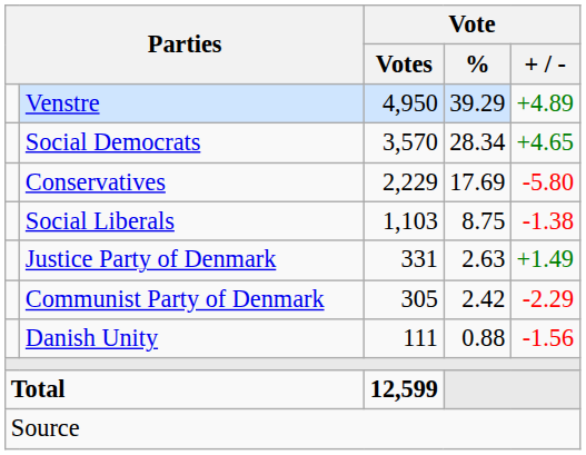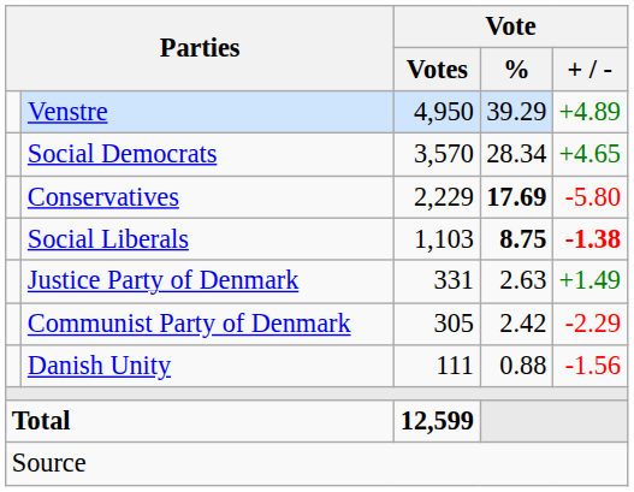 <table class="wikitable" style="text-align:right;">
 <tr>
 <th style="text-align:centre;" rowspan="2" colspan="2" width="225">Parties</th>
 <th colspan="3">Vote</th>
 </tr>
 <tr>
 <th width="15">Votes</th>
 <th width="15">%</th>
 <th width="15">+ / -</th>
 </tr>
 <tr>
 <td width="2" style="color:inherit;background:"></td>
 <td bgcolor=#cfe5fe  align="left"><a href='#'>Venstre</a></td>
 <td bgcolor=#cfe5fe>4,950</td>
 <td bgcolor=#cfe5fe>39.29</td>
 <td style=color:green;>+4.89</td>
 </tr>
 <tr>
 <td width="2" style="color:inherit;background:"></td>
 <td align="left"><a href='#'>Social Democrats</a></td>
 <td>3,570</td>
 <td>28.34</td>
 <td style=color:green;>+4.65</td>
 </tr>
 <tr>
 <td width="2" style="color:inherit;background:"></td>
 <td align="left"><a href='#'>Conservatives</a></td>
 <td>2,229</td>
-<td>17.69</td>
+<td><strong>17.69</strong></td>
 <td style=color:red;>-5.80</td>
 </tr>
 <tr>
 <td width="2" style="color:inherit;background:"></td>
 <td align="left"><a href='#'>Social Liberals</a></td>
 <td>1,103</td>
-<td>8.75</td>
-<td style=color:red;>-1.38</td>
+<td><strong>8.75</strong></td>
+<td style=color:red;><strong>-1.38</strong></td>
 </tr>
 <tr>
 <td width="2" style="color:inherit;background:"></td>
 <td align="left"><a href='#'>Justice Party of Denmark</a></td>
 <td>331</td>
 <td>2.63</td>
 <td style=color:green;>+1.49</td>
 </tr>
 <tr>
 <td width="2" style="color:inherit;background:"></td>
 <td align="left"><a href='#'>Communist Party of Denmark</a></td>
 <td>305</td>
 <td>2.42</td>
 <td style=color:red;>-2.29</td>
 </tr>
 <tr>
 <td width="2" style="color:inherit;background:"></td>
 <td align="left"><a href='#'>Danish Unity</a></td>
 <td>111</td>
 <td>0.88</td>
 <td style=color:red;>-1.56</td>
 </tr>
 <tr>
 <td colspan="7" bgcolor="#E9E9E9"></td>
 </tr>
 <tr>
 <td align="left" colspan="2"><strong>Total</strong></td>
 <td><strong>12,599</strong></td>
 <td bgcolor="#E9E9E9" colspan="2"></td>
 </tr>
 <tr>
 <td align="left" colspan="6">Source</td>
 </tr>
 </table>
